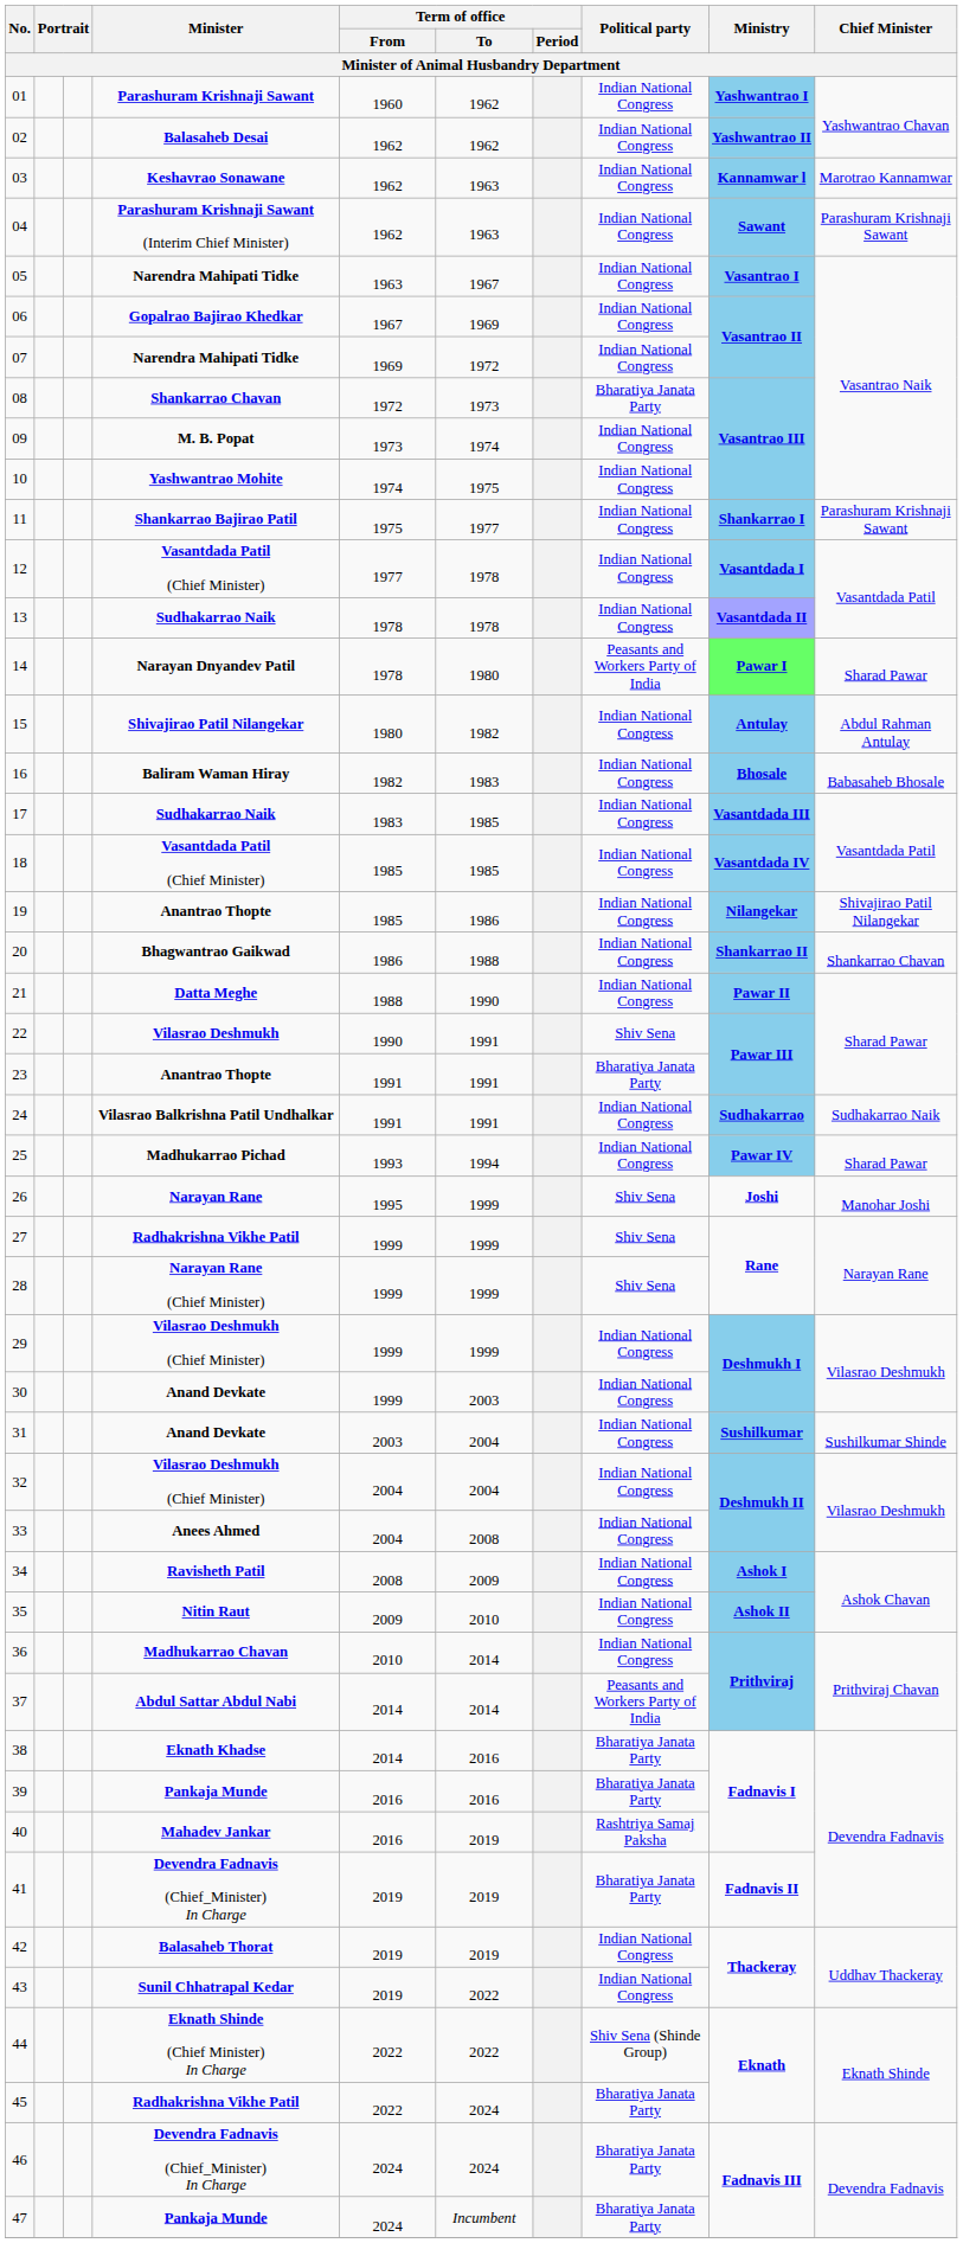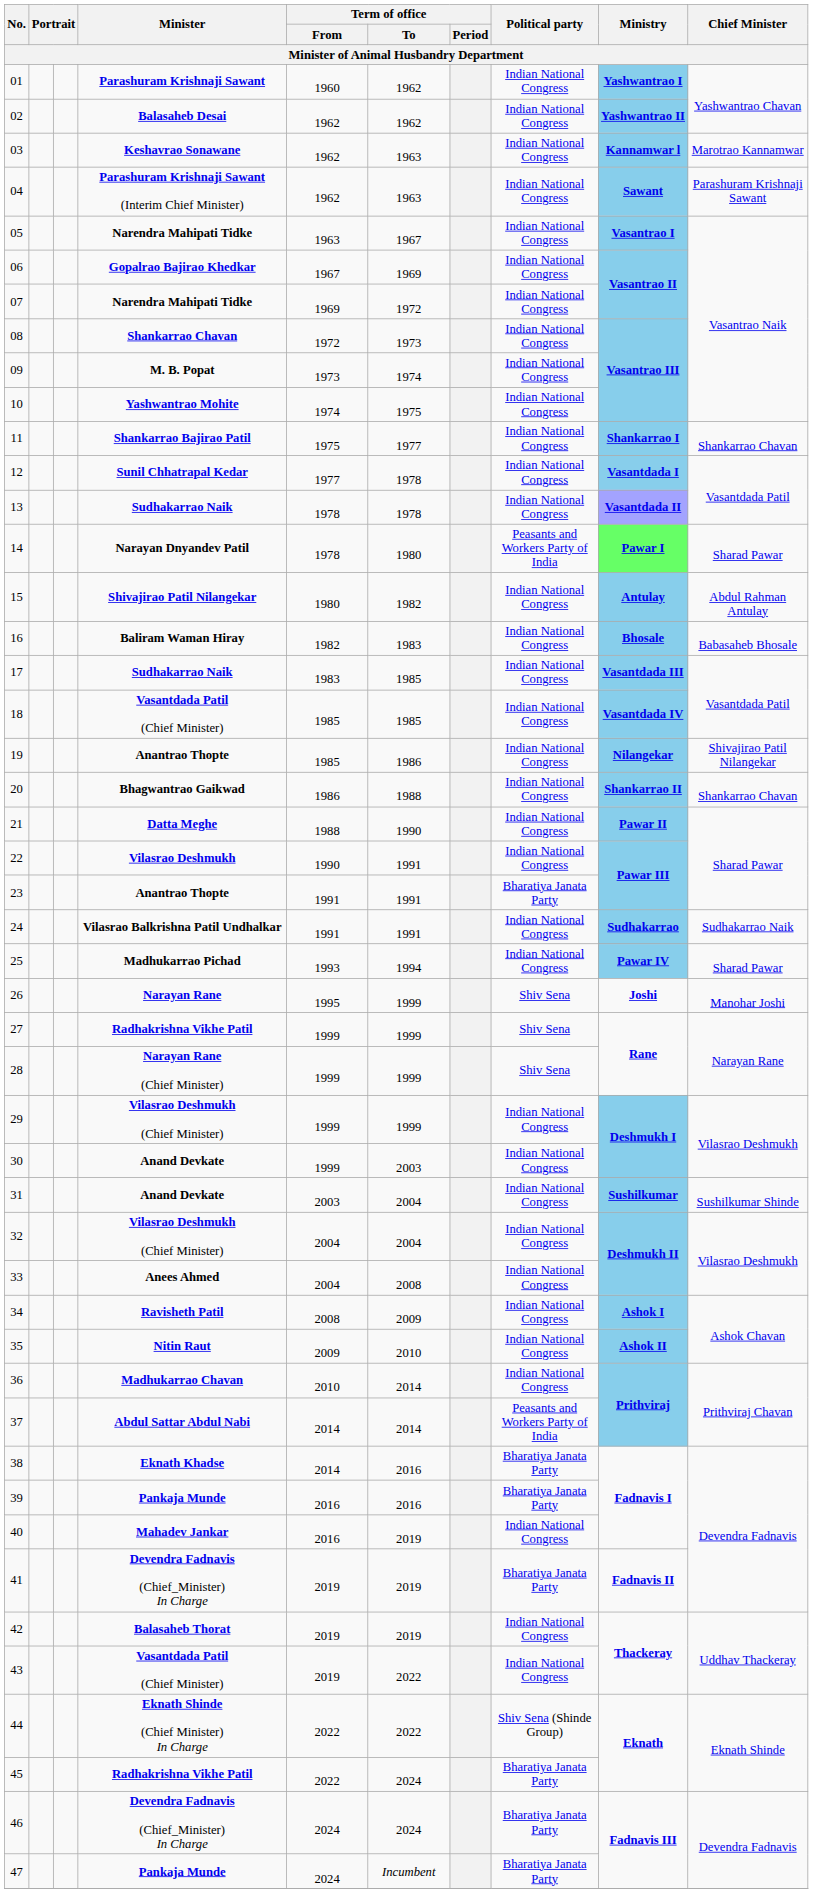 <table class="wikitable" style="text-align:center">
 <tr>
 <th rowspan="2">No.</th>
 <th rowspan="2" colspan="2">Portrait</th>
 <th rowspan="2" style="width:16em">Minister<br></th>
 <th colspan="3">Term of office</th>
 <th rowspan="2" style="width:8em">Political party</th>
 <th rowspan="2">Ministry</th>
 <th rowspan="2" style="width:9em">Chief Minister</th>
 </tr>
 <tr>
 <th style="width:6em">From</th>
 <th style="width:6em">To</th>
 <th>Period</th>
 </tr>
 <tr>
 <th colspan="10">Minister of Animal Husbandry Department</th>
 </tr>
 <tr>
 <td>01</td>
 <td style="color:inherit;background:"></td>
 <td></td>
 <td><strong><a href='#'>Parashuram Krishnaji Sawant</a></strong> <br> </td>
 <td><br>1960</td>
 <td><br>1962</td>
 <th></th>
 <td><a href='#'>Indian National Congress</a></td>
 <td bgcolor="#87CEEB"><a href='#'><strong>Yashwantrao I</strong></a></td>
 <td rowspan="2"> <br><a href='#'>Yashwantrao Chavan</a></td>
 </tr>
 <tr>
 <td>02</td>
 <td style="color:inherit;background:"></td>
 <td></td>
 <td><strong><a href='#'>Balasaheb Desai</a></strong>  <br> </td>
 <td><br>1962</td>
 <td><br>1962</td>
 <th></th>
 <td><a href='#'>Indian National Congress</a></td>
 <td bgcolor="#87CEEB"><a href='#'><strong>Yashwantrao II</strong></a></td>
 </tr>
 <tr>
 <td>03</td>
 <td style="color:inherit;background:"></td>
 <td></td>
 <td><strong><a href='#'>Keshavrao Sonawane</a></strong> <br> </td>
 <td><br>1962</td>
 <td><br>1963</td>
 <th></th>
 <td><a href='#'>Indian National Congress</a></td>
 <td bgcolor="#87CEEB"><a href='#'><strong>Kannamwar l</strong></a></td>
 <td><a href='#'>Marotrao Kannamwar</a></td>
 </tr>
 <tr>
 <td>04</td>
 <td style="color:inherit;background:"></td>
 <td></td>
 <td><strong><a href='#'>Parashuram Krishnaji Sawant</a></strong> <br>  <br>(Interim Chief Minister)</td>
 <td><br>1962</td>
 <td><br>1963</td>
 <th></th>
 <td><a href='#'>Indian National Congress</a></td>
 <td bgcolor="#87CEEB"><a href='#'><strong>Sawant</strong></a></td>
 <td><a href='#'>Parashuram Krishnaji Sawant</a></td>
 </tr>
 <tr>
 <td>05</td>
 <td style="color:inherit;background:"></td>
 <td></td>
 <td><strong>Narendra Mahipati Tidke</strong> <br> </td>
 <td><br>1963</td>
 <td><br>1967</td>
 <th></th>
 <td><a href='#'>Indian National Congress</a></td>
 <td bgcolor="#87CEEB"><a href='#'><strong>Vasantrao I</strong></a></td>
 <td rowspan="6"><br><a href='#'>Vasantrao Naik</a></td>
 </tr>
 <tr>
 <td>06</td>
 <td style="color:inherit;background:"></td>
 <td></td>
 <td><strong><a href='#'>Gopalrao Bajirao Khedkar</a></strong> <br> </td>
 <td><br>1967</td>
 <td><br>1969</td>
 <th></th>
 <td><a href='#'>Indian National Congress</a></td>
 <td rowspan="2" bgcolor="#87CEEB"><a href='#'><strong>Vasantrao II</strong></a></td>
 </tr>
 <tr>
 <td>07</td>
 <td style="color:inherit;background:"></td>
 <td></td>
 <td><strong>Narendra Mahipati Tidke</strong> <br> </td>
 <td><br>1969</td>
 <td><br>1972</td>
 <th></th>
 <td><a href='#'>Indian National Congress</a></td>
 </tr>
 <tr>
 <td>08</td>
 <td style="color:inherit;background:"></td>
 <td></td>
 <td><strong><a href='#'>Shankarrao Chavan</a></strong> <br> </td>
 <td><br>1972</td>
 <td><br>1973</td>
 <th></th>
-<td rowspan="1"><a href='#'>Bharatiya Janata Party</a></td>
+<td><a href='#'>Indian National Congress</a></td>
 <td rowspan="3" bgcolor="#87CEEB"><a href='#'><strong>Vasantrao III</strong></a></td>
 </tr>
 <tr>
 <td>09</td>
 <td style="color:inherit;background:"></td>
 <td></td>
 <td><strong>M. B. Popat</strong> <br> </td>
 <td><br>1973</td>
 <td><br>1974</td>
 <th></th>
 <td><a href='#'>Indian National Congress</a></td>
 </tr>
 <tr>
 <td>10</td>
 <td style="color:inherit;background:"></td>
 <td></td>
 <td><strong><a href='#'>Yashwantrao Mohite</a></strong> <br> </td>
 <td><br>1974</td>
 <td><br>1975</td>
 <th></th>
 <td><a href='#'>Indian National Congress</a></td>
 </tr>
 <tr>
 <td>11</td>
 <td style="color:inherit;background:"></td>
 <td></td>
 <td><strong><a href='#'>Shankarrao Bajirao Patil</a></strong> <br> </td>
 <td><br>1975</td>
 <td><br>1977</td>
 <th></th>
 <td><a href='#'>Indian National Congress</a></td>
 <td rowspan="1" bgcolor="#87CEEB"><a href='#'><strong>Shankarrao I</strong></a></td>
-<td><a href='#'>Parashuram Krishnaji Sawant</a></td>
+<td rowspan="1"><br><a href='#'>Shankarrao Chavan</a></td>
 </tr>
 <tr>
 <td>12</td>
 <td style="color:inherit;background:"></td>
 <td></td>
-<td><strong><a href='#'>Vasantdada Patil</a></strong> <br> <br> (Chief Minister)</td>
+<td><strong><a href='#'>Sunil Chhatrapal Kedar</a></strong> <br> </td>
 <td><br>1977</td>
 <td><br>1978</td>
 <th></th>
 <td><a href='#'>Indian National Congress</a></td>
 <td rowspan="1" bgcolor="#88CEEB"><a href='#'><strong>Vasantdada I</strong></a></td>
 <td rowspan="2"><br><a href='#'>Vasantdada Patil</a></td>
 </tr>
 <tr>
 <td>13</td>
 <td style="color:inherit;background:"></td>
 <td></td>
 <td><strong><a href='#'>Sudhakarrao Naik</a></strong> <br> </td>
 <td><br>1978</td>
 <td><br>1978</td>
 <th></th>
 <td><a href='#'>Indian National Congress</a></td>
 <td rowspan="1" bgcolor="#A3A3FF"><a href='#'><strong>Vasantdada II</strong></a></td>
 </tr>
 <tr>
 <td>14</td>
 <td style="color:inherit;background:"></td>
 <td></td>
 <td><strong>Narayan Dnyandev Patil</strong> <br> </td>
 <td><br>1978</td>
 <td><br>1980</td>
 <th></th>
 <td><a href='#'>Peasants and Workers Party of India</a></td>
 <td rowspan="1" bgcolor="#66FF66"><a href='#'><strong>Pawar I</strong></a></td>
 <td rowspan="1"><br><a href='#'>Sharad Pawar</a></td>
 </tr>
 <tr>
 <td>15</td>
 <td style="color:inherit;background:"></td>
 <td></td>
 <td><strong><a href='#'>Shivajirao Patil Nilangekar</a></strong> <br> </td>
 <td><br>1980</td>
 <td><br>1982</td>
 <th></th>
 <td><a href='#'>Indian National Congress</a></td>
 <td rowspan="1" bgcolor="#87CEEB"><a href='#'><strong>Antulay</strong></a></td>
 <td rowspan="1"> <br><a href='#'>Abdul Rahman Antulay</a></td>
 </tr>
 <tr>
 <td>16</td>
 <td style="color:inherit;background:"></td>
 <td></td>
 <td><strong>Baliram Waman Hiray</strong>  <br> </td>
 <td><br>1982</td>
 <td><br>1983</td>
 <th></th>
 <td><a href='#'>Indian National Congress</a></td>
 <td rowspan="1" bgcolor="#87CEEB"><a href='#'><strong>Bhosale</strong></a></td>
 <td rowspan="1"> <br><a href='#'>Babasaheb Bhosale</a></td>
 </tr>
 <tr>
 <td>17</td>
 <td style="color:inherit;background:"></td>
 <td></td>
 <td><strong><a href='#'>Sudhakarrao Naik</a></strong> <br> </td>
 <td><br>1983</td>
 <td><br>1985</td>
 <th></th>
 <td><a href='#'>Indian National Congress</a></td>
 <td rowspan="1" bgcolor="#87CEEB"><a href='#'><strong>Vasantdada III</strong></a></td>
 <td rowspan="2"><br><a href='#'>Vasantdada Patil</a></td>
 </tr>
 <tr>
 <td>18</td>
 <td style="color:inherit;background:"></td>
 <td></td>
 <td><strong><a href='#'>Vasantdada Patil</a></strong>  <br> <br> (Chief Minister)</td>
 <td><br>1985</td>
 <td><br>1985</td>
 <th></th>
 <td><a href='#'>Indian National Congress</a></td>
 <td bgcolor="#87CEEB"><a href='#'><strong>Vasantdada IV</strong></a></td>
 </tr>
 <tr>
 <td>19</td>
 <td style="color:inherit;background:"></td>
 <td></td>
 <td><strong>Anantrao Thopte</strong> <br> </td>
 <td><br>1985</td>
 <td><br>1986</td>
 <th></th>
 <td><a href='#'>Indian National Congress</a></td>
 <td rowspan="1" bgcolor="#87CEEB"><a href='#'><strong>Nilangekar</strong></a></td>
 <td rowspan="1"><a href='#'>Shivajirao Patil Nilangekar</a></td>
 </tr>
 <tr>
 <td>20</td>
 <td style="color:inherit;background:"></td>
 <td></td>
 <td><strong>Bhagwantrao Gaikwad</strong>  <br> </td>
 <td><br>1986</td>
 <td><br>1988</td>
 <th></th>
 <td><a href='#'>Indian National Congress</a></td>
 <td rowspan="1"bgcolor="#87CEEB"><a href='#'><strong>Shankarrao II</strong></a></td>
 <td rowspan="1"> <br><a href='#'>Shankarrao Chavan</a></td>
 </tr>
 <tr>
 <td>21</td>
 <td style="color:inherit;background:"></td>
 <td></td>
 <td><strong><a href='#'>Datta Meghe</a></strong> <br> </td>
 <td><br>1988</td>
 <td><br>1990</td>
 <th></th>
 <td><a href='#'>Indian National Congress</a></td>
 <td rowspan="1" bgcolor="#87CEEB"><a href='#'><strong>Pawar II</strong></a></td>
 <td rowspan="3"> <br><a href='#'>Sharad Pawar</a></td>
 </tr>
 <tr>
 <td>22</td>
 <td style="color:inherit;background:"></td>
 <td></td>
 <td><strong><a href='#'>Vilasrao Deshmukh</a></strong><br> </td>
 <td><br>1990</td>
 <td><br>1991</td>
 <th></th>
-<td><a href='#'>Shiv Sena</a></td>
+<td><a href='#'>Indian National Congress</a></td>
 <td rowspan="2" bgcolor="#87CEEB"><a href='#'><strong>Pawar III</strong></a></td>
 </tr>
 <tr>
 <td>23</td>
 <td style="color:inherit;background:"></td>
 <td></td>
 <td><strong>Anantrao Thopte</strong> <br> </td>
 <td><br>1991</td>
 <td><br>1991</td>
 <th></th>
 <td><a href='#'>Bharatiya Janata Party</a></td>
 </tr>
 <tr>
 <td>24</td>
 <td style="color:inherit;background:"></td>
 <td></td>
 <td><strong>Vilasrao Balkrishna Patil Undhalkar</strong> <br> </td>
 <td><br>1991</td>
 <td><br>1991</td>
 <th></th>
 <td><a href='#'>Indian National Congress</a></td>
 <td rowspan="1" bgcolor="#87CEEB"><a href='#'><strong>Sudhakarrao</strong></a></td>
 <td rowspan="1"><a href='#'>Sudhakarrao Naik</a></td>
 </tr>
 <tr>
 <td>25</td>
 <td style="color:inherit;background:"></td>
 <td></td>
 <td><strong>Madhukarrao Pichad</strong> <br> </td>
 <td><br>1993</td>
 <td><br>1994</td>
 <th></th>
 <td><a href='#'>Indian National Congress</a></td>
 <td rowspan="1" bgcolor="#87CEEB"><a href='#'><strong>Pawar IV</strong></a></td>
 <td rowspan="1"> <br><a href='#'>Sharad Pawar</a></td>
 </tr>
 <tr>
 <td>26</td>
 <td style="color:inherit;background:"></td>
 <td></td>
 <td><strong><a href='#'>Narayan Rane</a></strong> <br> </td>
 <td><br>1995</td>
 <td><br>1999</td>
 <th></th>
 <td><a href='#'>Shiv Sena</a></td>
 <td rowspan="1"><a href='#'><strong>Joshi</strong></a></td>
 <td rowspan="1"> <br><a href='#'>Manohar Joshi</a></td>
 </tr>
 <tr>
 <td>27</td>
 <td style="color:inherit;background:"></td>
 <td></td>
 <td><strong><a href='#'>Radhakrishna Vikhe Patil</a></strong> <br> </td>
 <td><br>1999</td>
 <td><br>1999</td>
 <th></th>
 <td><a href='#'>Shiv Sena</a></td>
 <td rowspan="2"><a href='#'><strong>Rane</strong></a></td>
 <td rowspan="2"> <br><a href='#'>Narayan Rane</a></td>
 </tr>
 <tr>
 <td>28</td>
 <td style="color:inherit;background:"></td>
 <td></td>
 <td><strong><a href='#'>Narayan Rane</a></strong> <br> <br> (Chief Minister)</td>
 <td><br>1999</td>
 <td><br>1999</td>
 <th></th>
 <td><a href='#'>Shiv Sena</a></td>
 </tr>
 <tr>
 <td>29</td>
 <td style="color:inherit;background:"></td>
 <td></td>
 <td><strong><a href='#'>Vilasrao Deshmukh</a></strong> <br> <br>(Chief Minister)</td>
 <td><br>1999</td>
 <td><br>1999</td>
 <th></th>
 <td><a href='#'>Indian National Congress</a></td>
 <td rowspan="2" bgcolor="#87CEEB"><a href='#'><strong>Deshmukh I</strong></a></td>
 <td rowspan="2"> <br><a href='#'>Vilasrao Deshmukh</a></td>
 </tr>
 <tr>
 <td>30</td>
 <td style="color:inherit;background:"></td>
 <td></td>
 <td><strong>Anand Devkate</strong> <br> </td>
 <td><br>1999</td>
 <td><br>2003</td>
 <th></th>
 <td><a href='#'>Indian National Congress</a></td>
 </tr>
 <tr>
 <td>31</td>
 <td style="color:inherit;background:"></td>
 <td></td>
 <td><strong>Anand Devkate</strong> <br> </td>
 <td><br>2003</td>
 <td><br>2004</td>
 <th></th>
 <td><a href='#'>Indian National Congress</a></td>
 <td rowspan="1" bgcolor="#87CEEB"><a href='#'><strong>Sushilkumar</strong></a></td>
 <td rowspan="1"> <br><a href='#'>Sushilkumar Shinde</a></td>
 </tr>
 <tr>
 <td>32</td>
 <td style="color:inherit;background:"></td>
 <td></td>
 <td><strong><a href='#'>Vilasrao Deshmukh</a></strong> <br> <br> (Chief Minister)</td>
 <td><br>2004</td>
 <td><br>2004</td>
 <th></th>
 <td><a href='#'>Indian National Congress</a></td>
 <td rowspan="2" bgcolor="#87CEEB"><a href='#'><strong>Deshmukh II</strong></a></td>
 <td rowspan="2"> <br><a href='#'>Vilasrao Deshmukh</a></td>
 </tr>
 <tr>
 <td>33</td>
 <td style="color:inherit;background:"></td>
 <td></td>
 <td><strong>Anees Ahmed</strong> <br> </td>
 <td><br>2004</td>
 <td><br>2008</td>
 <th></th>
 <td><a href='#'>Indian National Congress</a></td>
 </tr>
 <tr>
 <td>34</td>
 <td style="color:inherit;background:"></td>
 <td></td>
 <td><strong><a href='#'>Ravisheth Patil</a></strong> <br> </td>
 <td><br>2008</td>
 <td><br>2009</td>
 <th></th>
 <td><a href='#'>Indian National Congress</a></td>
 <td rowspan="1" bgcolor="#87CEEB"><a href='#'><strong>Ashok I</strong></a></td>
 <td rowspan="2"><br><a href='#'>Ashok Chavan</a></td>
 </tr>
 <tr>
 <td>35</td>
 <td style="color:inherit;background:"></td>
 <td></td>
 <td><strong><a href='#'>Nitin Raut</a></strong> <br> </td>
 <td><br>2009</td>
 <td><br>2010</td>
 <th></th>
 <td><a href='#'>Indian National Congress</a></td>
 <td rowspan="1"bgcolor="#87CEEB"><a href='#'><strong>Ashok II</strong></a></td>
 </tr>
 <tr>
 <td>36</td>
 <td style="color:inherit;background:"></td>
 <td></td>
 <td><strong><a href='#'>Madhukarrao Chavan</a></strong> <br> </td>
 <td><br>2010</td>
 <td><br>2014</td>
 <th></th>
 <td><a href='#'>Indian National Congress</a></td>
 <td rowspan="2" bgcolor="#87CEEB"><a href='#'><strong>Prithviraj</strong></a></td>
 <td rowspan="2"><br><a href='#'>Prithviraj Chavan</a></td>
 </tr>
 <tr>
 <td>37</td>
 <td style="color:inherit;background:"></td>
 <td></td>
 <td><strong><a href='#'>Abdul Sattar Abdul Nabi</a></strong> <br> </td>
 <td><br>2014</td>
 <td><br>2014</td>
 <th></th>
 <td><a href='#'>Peasants and Workers Party of India</a></td>
 </tr>
 <tr>
 <td>38</td>
 <td style="color:inherit;background:"></td>
 <td></td>
 <td><strong><a href='#'>Eknath Khadse</a></strong>  <br> </td>
 <td><br>2014</td>
 <td><br>2016</td>
 <th></th>
 <td rowspan="1"><a href='#'>Bharatiya Janata Party</a></td>
 <td rowspan="3"><a href='#'><strong>Fadnavis I</strong></a></td>
 <td rowspan="4"> <br><a href='#'>Devendra Fadnavis</a></td>
 </tr>
 <tr>
 <td>39</td>
 <td style="color:inherit;background:"></td>
 <td></td>
 <td><strong><a href='#'>Pankaja Munde</a></strong> <br> </td>
 <td><br>2016</td>
 <td><br>2016</td>
 <th></th>
 <td rowspan="1"><a href='#'>Bharatiya Janata Party</a></td>
 </tr>
 <tr>
 <td>40</td>
 <td style="color:inherit;background:"></td>
 <td></td>
 <td><strong><a href='#'>Mahadev Jankar</a></strong> <br> </td>
 <td><br>2016</td>
 <td><br>2019</td>
 <th></th>
-<td><a href='#'>Rashtriya Samaj Paksha</a></td>
+<td><a href='#'>Indian National Congress</a></td>
 </tr>
 <tr>
 <td>41</td>
 <td style="color:inherit;background:"></td>
 <td></td>
 <td><strong><a href='#'>Devendra Fadnavis</a></strong>  <br> <br>(Chief_Minister) <br><em>In Charge</em></td>
 <td><br>2019</td>
 <td><br>2019</td>
 <th></th>
 <td><a href='#'>Bharatiya Janata Party</a></td>
 <td rowspan="1"><a href='#'><strong>Fadnavis II</strong></a></td>
 </tr>
 <tr>
 <td>42</td>
 <td style="color:inherit;background:"></td>
 <td></td>
 <td><strong><a href='#'>Balasaheb Thorat</a></strong> <br> </td>
 <td><br>2019</td>
 <td><br>2019</td>
 <th></th>
 <td><a href='#'>Indian National Congress</a></td>
 <td rowspan="2"><a href='#'><strong>Thackeray</strong></a></td>
 <td rowspan="2"> <br><a href='#'>Uddhav Thackeray</a></td>
 </tr>
 <tr>
 <td>43</td>
 <td style="color:inherit;background:"></td>
 <td></td>
-<td><strong><a href='#'>Sunil Chhatrapal Kedar</a></strong> <br> </td>
+<td><strong><a href='#'>Vasantdada Patil</a></strong> <br> <br> (Chief Minister)</td>
 <td><br>2019</td>
 <td><br>2022</td>
 <th></th>
 <td><a href='#'>Indian National Congress</a></td>
 </tr>
 <tr>
 <td>44</td>
 <td style="color:inherit;background:"></td>
 <td></td>
 <td><strong><a href='#'>Eknath Shinde</a></strong> <br>  <br>(Chief Minister)<br><em>In Charge</em></td>
 <td><br>2022</td>
 <td><br>2022</td>
 <th></th>
 <td><a href='#'>Shiv Sena</a> (Shinde Group)</td>
 <td rowspan="2"><a href='#'><strong>Eknath</strong></a></td>
 <td rowspan="2"> <br><a href='#'>Eknath Shinde</a></td>
 </tr>
 <tr>
 <td>45</td>
 <td style="color:inherit;background:"></td>
 <td></td>
 <td><strong><a href='#'>Radhakrishna Vikhe Patil</a></strong> <br> </td>
 <td><br>2022</td>
 <td><br>2024</td>
 <th></th>
 <td><a href='#'>Bharatiya Janata Party</a></td>
 </tr>
 <tr>
 <td>46</td>
 <td style="color:inherit;background:"></td>
 <td></td>
 <td><strong><a href='#'>Devendra Fadnavis</a></strong>  <br> <br>(Chief_Minister) <br><em>In Charge</em></td>
 <td><br>2024</td>
 <td><br>2024</td>
 <th></th>
 <td><a href='#'>Bharatiya Janata Party</a></td>
 <td rowspan="2"><a href='#'><strong>Fadnavis III</strong></a></td>
 <td rowspan="2"> <br><a href='#'>Devendra Fadnavis</a></td>
 </tr>
 <tr>
 <td>47</td>
 <td style="color:inherit;background:"></td>
 <td></td>
 <td><strong><a href='#'>Pankaja Munde</a></strong> <br> </td>
 <td><br>2024</td>
 <td><em>Incumbent</em></td>
 <th></th>
 <td><a href='#'>Bharatiya Janata Party</a></td>
 </tr>
 <tr>
 </tr>
 </table>
